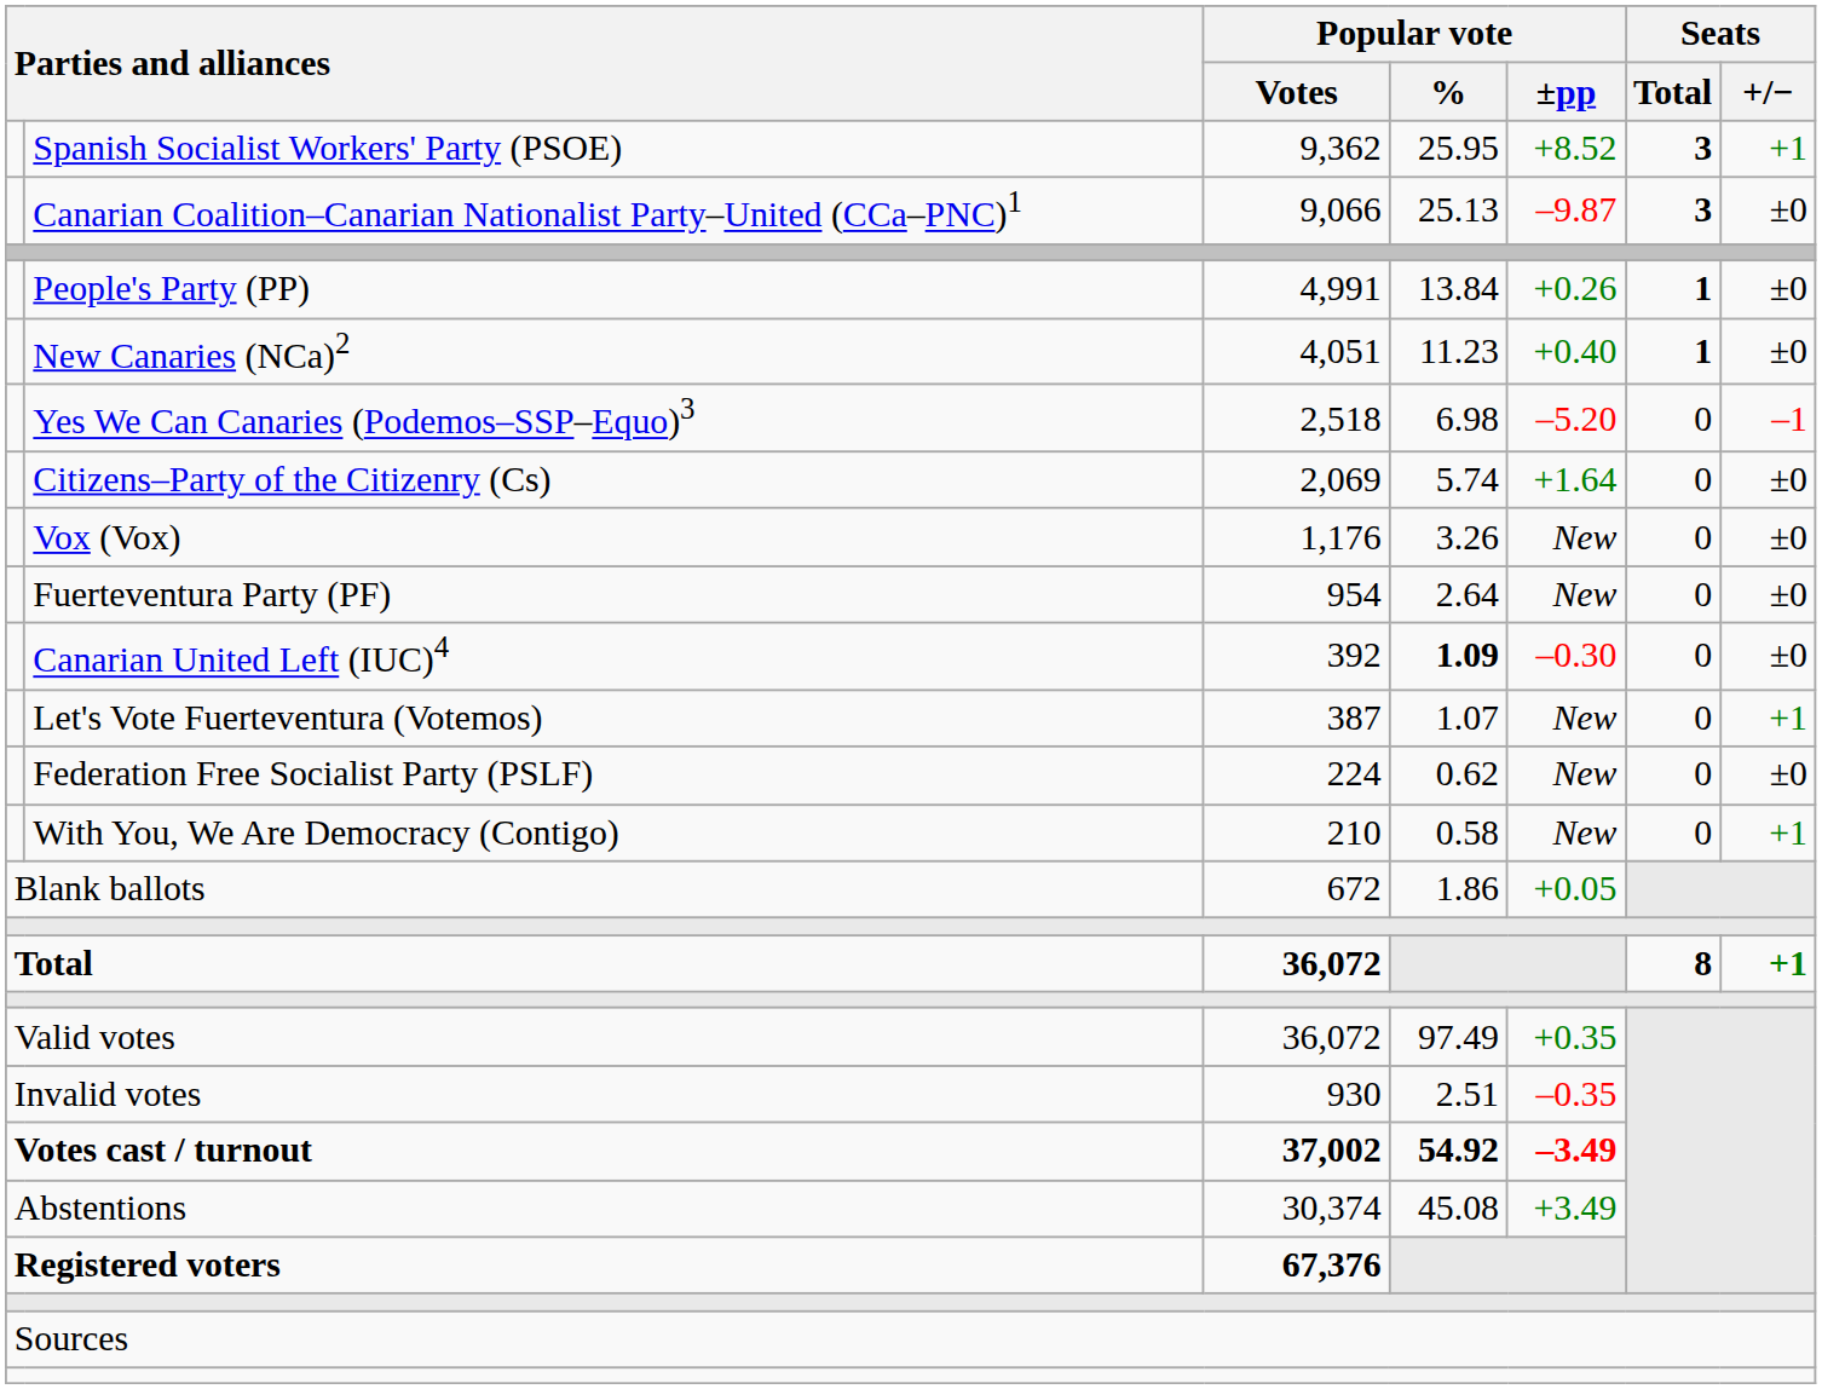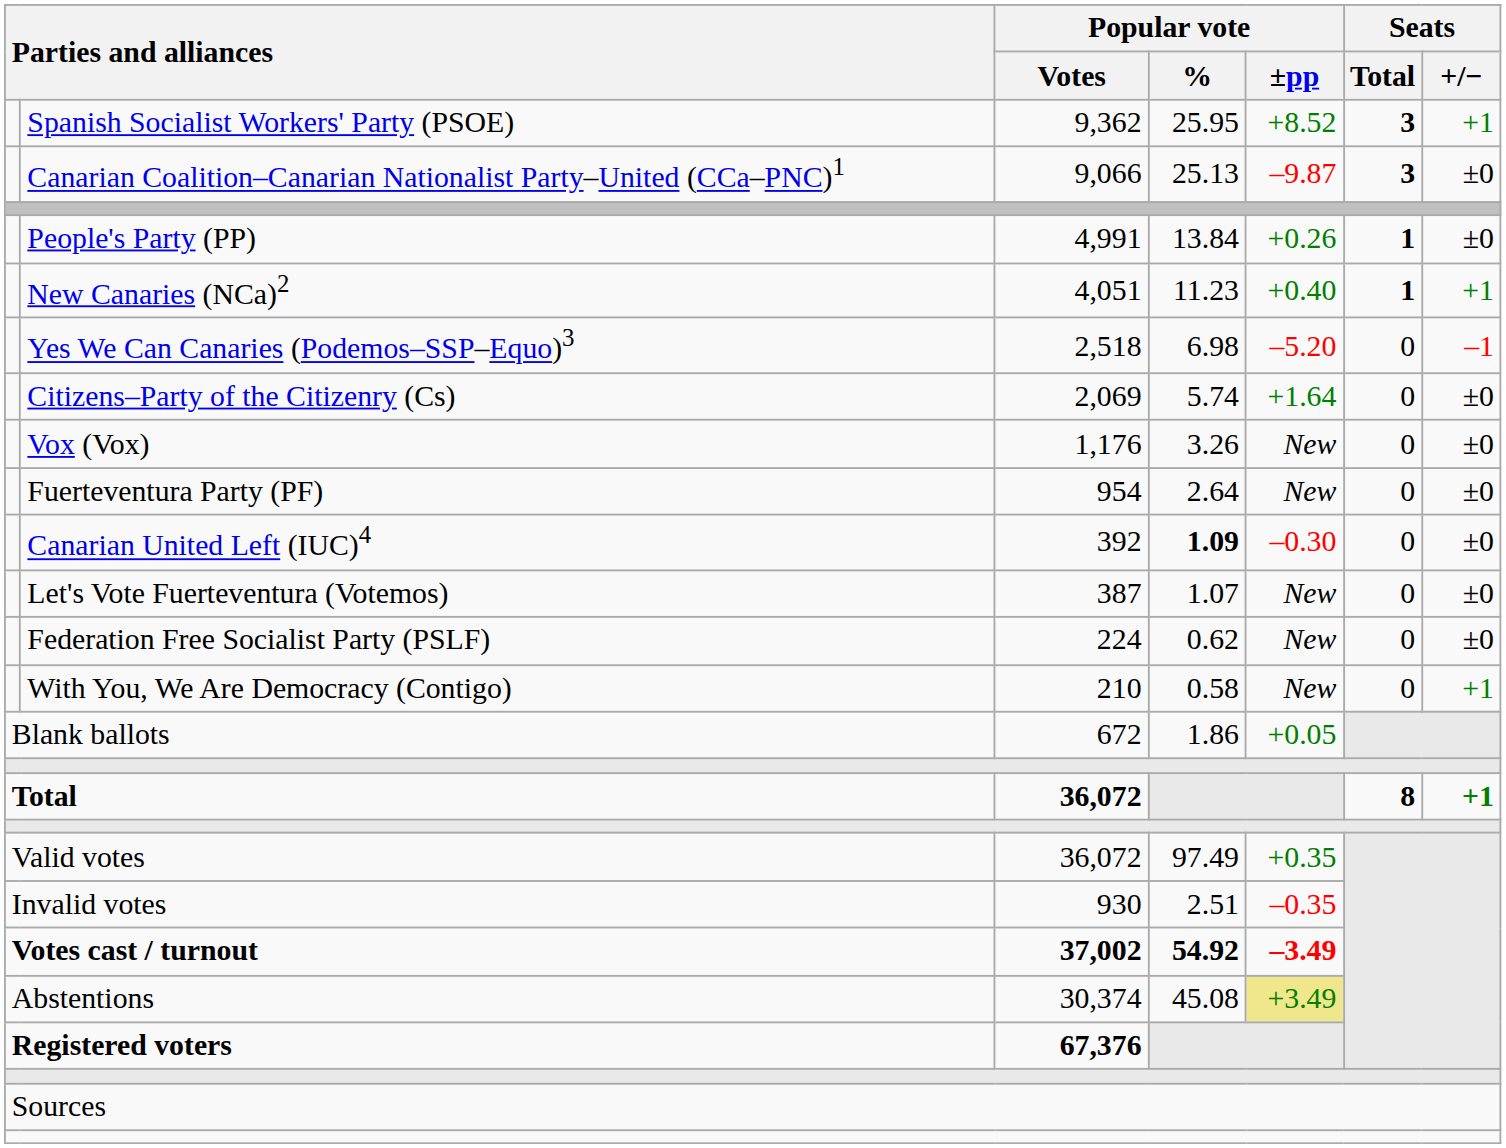 <table class="wikitable" style="text-align:right;">
 <tr>
 <th style="text-align:left;" rowspan="2" colspan="2" width="525">Parties and alliances</th>
 <th colspan="3">Popular vote</th>
 <th colspan="2">Seats</th>
 </tr>
 <tr>
 <th width="75">Votes</th>
 <th width="45">%</th>
 <th width="45">±<a href='#'>pp</a></th>
 <th width="35">Total</th>
 <th width="35">+/−</th>
 </tr>
 <tr>
 <td width="1" style="color:inherit;background:"></td>
 <td align="left"><a href='#'>Spanish Socialist Workers' Party</a> (PSOE)</td>
 <td>9,362</td>
 <td>25.95</td>
 <td style="color:green;">+8.52</td>
 <td><strong>3</strong></td>
 <td style="color:green;">+1</td>
 </tr>
 <tr>
 <td style="color:inherit;background:"></td>
 <td align="left"><a href='#'>Canarian Coalition–Canarian Nationalist Party</a>–<a href='#'>United</a> (<a href='#'>CCa</a>–<a href='#'>PNC</a>)<sup>1</sup></td>
 <td>9,066</td>
 <td>25.13</td>
 <td style="color:red;">–9.87</td>
 <td><strong>3</strong></td>
 <td>±0</td>
 </tr>
 <tr>
 <td colspan="7" bgcolor="#C0C0C0"></td>
 </tr>
 <tr>
 <td style="color:inherit;background:"></td>
 <td align="left"><a href='#'>People's Party</a> (PP)</td>
 <td>4,991</td>
 <td>13.84</td>
 <td style="color:green;">+0.26</td>
 <td><strong>1</strong></td>
 <td>±0</td>
 </tr>
 <tr>
 <td style="color:inherit;background:"></td>
 <td align="left"><a href='#'>New Canaries</a> (NCa)<sup>2</sup></td>
 <td>4,051</td>
 <td>11.23</td>
 <td style="color:green;">+0.40</td>
 <td><strong>1</strong></td>
-<td>±0</td>
+<td style="color:green;">+1</td>
 </tr>
 <tr>
 <td style="color:inherit;background:"></td>
 <td align="left"><a href='#'>Yes We Can Canaries</a> (<a href='#'>Podemos–SSP</a>–<a href='#'>Equo</a>)<sup>3</sup></td>
 <td>2,518</td>
 <td>6.98</td>
 <td style="color:red;">–5.20</td>
 <td>0</td>
 <td style="color:red;">–1</td>
 </tr>
 <tr>
 <td style="color:inherit;background:"></td>
 <td align="left"><a href='#'>Citizens–Party of the Citizenry</a> (Cs)</td>
 <td>2,069</td>
 <td>5.74</td>
 <td style="color:green;">+1.64</td>
 <td>0</td>
 <td>±0</td>
 </tr>
 <tr>
 <td style="color:inherit;background:"></td>
 <td align="left"><a href='#'>Vox</a> (Vox)</td>
 <td>1,176</td>
 <td>3.26</td>
 <td><em>New</em></td>
 <td>0</td>
 <td>±0</td>
 </tr>
 <tr>
 <td style="color:inherit;background:"></td>
 <td align="left">Fuerteventura Party (PF)</td>
 <td>954</td>
 <td>2.64</td>
 <td><em>New</em></td>
 <td>0</td>
 <td>±0</td>
 </tr>
 <tr>
 <td style="color:inherit;background:"></td>
 <td align="left"><a href='#'>Canarian United Left</a> (IUC)<sup>4</sup></td>
 <td>392</td>
 <td><strong>1.09</strong></td>
 <td style="color:red;">–0.30</td>
 <td>0</td>
 <td>±0</td>
 </tr>
 <tr>
 <td style="color:inherit;background:"></td>
 <td align="left">Let's Vote Fuerteventura (Votemos)</td>
 <td>387</td>
 <td>1.07</td>
 <td><em>New</em></td>
 <td>0</td>
-<td style="color:green;">+1</td>
+<td>±0</td>
 </tr>
 <tr>
 <td style="color:inherit;background:"></td>
 <td align="left">Federation Free Socialist Party (PSLF)</td>
 <td>224</td>
 <td>0.62</td>
 <td><em>New</em></td>
 <td>0</td>
 <td>±0</td>
 </tr>
 <tr>
 <td style="color:inherit;background:"></td>
 <td align="left">With You, We Are Democracy (Contigo)</td>
 <td>210</td>
 <td>0.58</td>
 <td><em>New</em></td>
 <td>0</td>
 <td style="color:green;">+1</td>
 </tr>
 <tr>
 <td align="left" colspan="2">Blank ballots</td>
 <td>672</td>
 <td>1.86</td>
 <td style="color:green;">+0.05</td>
 <td bgcolor="#E9E9E9" colspan="2"></td>
 </tr>
 <tr>
 <td colspan="7" bgcolor="#E9E9E9"></td>
 </tr>
 <tr style="font-weight:bold;">
 <td align="left" colspan="2">Total</td>
 <td>36,072</td>
 <td bgcolor="#E9E9E9" colspan="2"></td>
 <td>8</td>
 <td style="color:green;">+1</td>
 </tr>
 <tr>
 <td colspan="7" bgcolor="#E9E9E9"></td>
 </tr>
 <tr>
 <td align="left" colspan="2">Valid votes</td>
 <td>36,072</td>
 <td>97.49</td>
 <td style="color:green;">+0.35</td>
 <td bgcolor="#E9E9E9" colspan="2" rowspan="5"></td>
 </tr>
 <tr>
 <td align="left" colspan="2">Invalid votes</td>
 <td>930</td>
 <td>2.51</td>
 <td style="color:red;">–0.35</td>
 </tr>
 <tr style="font-weight:bold;">
 <td align="left" colspan="2">Votes cast / turnout</td>
 <td>37,002</td>
 <td>54.92</td>
 <td style="color:red;">–3.49</td>
 </tr>
 <tr>
 <td align="left" colspan="2">Abstentions</td>
 <td>30,374</td>
 <td>45.08</td>
-<td style="color:green;">+3.49</td>
+<td style="background: khaki; color:green;">+3.49</td>
 </tr>
 <tr style="font-weight:bold;">
 <td align="left" colspan="2">Registered voters</td>
 <td>67,376</td>
 <td bgcolor="#E9E9E9" colspan="2"></td>
 </tr>
 <tr>
 <td colspan="7" bgcolor="#E9E9E9"></td>
 </tr>
 <tr>
 <td align="left" colspan="7">Sources</td>
 </tr>
 <tr>
 <td colspan="9" style="text-align:left;font-size:95%;max-width:790px;"></td>
 </tr>
 </table>
